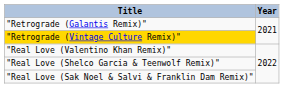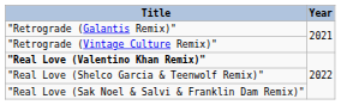 <table class="wikitable">
 <tr>
 <th style="background:LightSteelBlue">Title</th>
 <th style="background:LightSteelBlue">Year</th>
 </tr>
 <tr>
 <td>"Retrograde (<a href='#'>Galantis</a> Remix)"</td>
 <td rowspan="2">2021</td>
 </tr>
 <tr>
-<td style="background: gold;">"Retrograde (<a href='#'>Vintage Culture</a> Remix)"</td>
+<td>"Retrograde (<a href='#'>Vintage Culture</a> Remix)"</td>
 </tr>
 <tr>
-<td>"Real Love (Valentino Khan Remix)"</td>
+<td><strong>"Real Love (Valentino Khan Remix)"</strong></td>
 <td rowspan="3">2022</td>
 </tr>
 <tr>
 <td>"Real Love (Shelco Garcia & Teenwolf Remix)"</td>
 </tr>
 <tr>
 <td>"Real Love (Sak Noel & Salvi & Franklin Dam Remix)"</td>
 </tr>
 </table>
